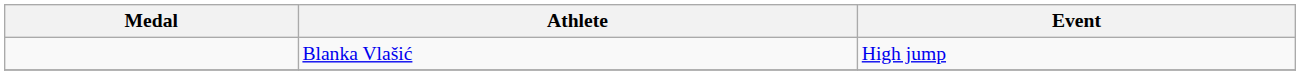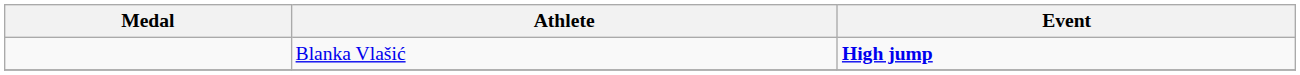 <table class="wikitable" style="font-size:90%" width=60%>
 <tr>
 <th>Medal</th>
 <th>Athlete</th>
 <th>Event</th>
 </tr>
 <tr>
 <td></td>
 <td><a href='#'>Blanka Vlašić</a></td>
-<td><a href='#'>High jump</a></td>
+<td><strong><a href='#'>High jump</a></strong></td>
 </tr>
 <tr>
 </tr>
 </table>
